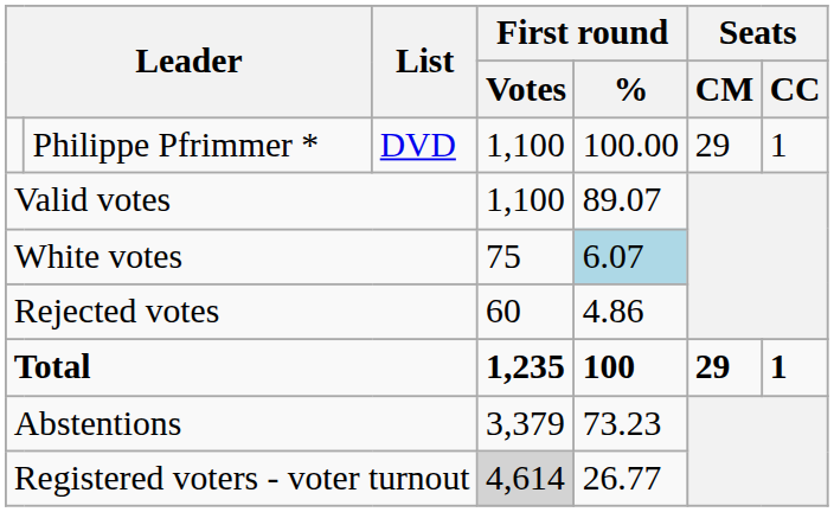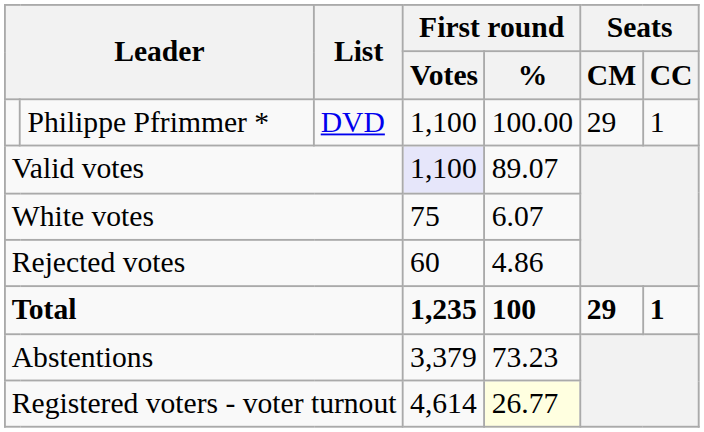 <table class="wikitable">
 <tr>
 <th colspan="2" rowspan="2">Leader</th>
 <th rowspan="2">List</th>
 <th colspan="2">First round</th>
 <th colspan="2">Seats</th>
 </tr>
 <tr>
 <th>Votes</th>
 <th>%</th>
 <th>CM</th>
 <th>CC</th>
 </tr>
 <tr>
 <td bgcolor=></td>
 <td>Philippe Pfrimmer *</td>
 <td><a href='#'>DVD</a></td>
 <td>1,100</td>
 <td>100.00</td>
 <td>29</td>
 <td>1</td>
 </tr>
 <tr>
 <td colspan="3">Valid votes</td>
-<td>1,100</td>
+<td style="background: lavender;">1,100</td>
 <td>89.07</td>
 <th colspan="2" rowspan="3"></th>
 </tr>
 <tr>
 <td colspan="3">White votes</td>
 <td>75</td>
-<td style="background: lightblue;">6.07</td>
+<td>6.07</td>
 </tr>
 <tr>
 <td colspan="3">Rejected votes</td>
 <td>60</td>
 <td>4.86</td>
 </tr>
 <tr>
 <td colspan="3"><strong>Total</strong></td>
 <td><strong>1,235</strong></td>
 <td><strong>100</strong></td>
 <td><strong>29</strong></td>
 <td><strong>1</strong></td>
 </tr>
 <tr>
 <td colspan="3">Abstentions</td>
 <td>3,379</td>
 <td>73.23</td>
 <th colspan="2" rowspan="2"></th>
 </tr>
 <tr>
 <td colspan="3">Registered voters - voter turnout</td>
-<td style="background: lightgrey;">4,614</td>
-<td>26.77</td>
+<td>4,614</td>
+<td style="background: lightyellow;">26.77</td>
 </tr>
 </table>
